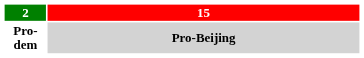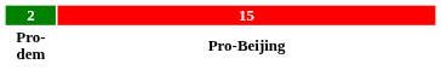 <table style="width:50%; text-align:center;">
 <tr style="color:white;">
 <td style="background:green; width:11.77%;"><strong>2</strong></td>
 <td style="background:red; width:88.23%;"><strong>15</strong></td>
 </tr>
 <tr>
 <td><span><strong>Pro-dem</strong></span></td>
-<td style="background: lightgrey;"><span><strong>Pro-Beijing</strong></span></td>
+<td><span><strong>Pro-Beijing</strong></span></td>
 </tr>
 </table>
